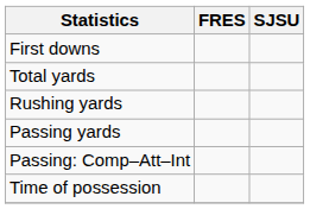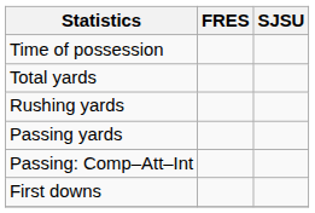 <table class="wikitable" style="float: left;">
 <tr>
 <th>Statistics</th>
 <th>FRES</th>
 <th>SJSU</th>
 </tr>
 <tr>
-<td>First downs</td>
+<td>Time of possession</td>
 <td></td>
 <td></td>
 </tr>
 <tr>
 <td>Total yards</td>
 <td></td>
 <td></td>
 </tr>
 <tr>
 <td>Rushing yards</td>
 <td></td>
 <td></td>
 </tr>
 <tr>
 <td>Passing yards</td>
 <td></td>
 <td></td>
 </tr>
 <tr>
 <td>Passing: Comp–Att–Int</td>
 <td></td>
 <td></td>
 </tr>
 <tr>
-<td>Time of possession</td>
+<td>First downs</td>
 <td></td>
 <td></td>
 </tr>
 <tr>
 </tr>
 </table>
